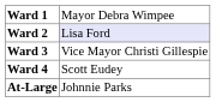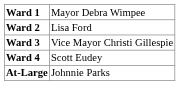 <table class="toccolours" border="1" cellpadding="2" cellspacing="0" style="border-collapse: collapse; float:right; margin: .5em;">
 <tr>
 <td><strong>Ward 1</strong></td>
 <td>Mayor Debra Wimpee</td>
 </tr>
 <tr>
 <td><strong>Ward 2</strong></td>
-<td style="background: lavender;">Lisa Ford</td>
+<td>Lisa Ford</td>
 </tr>
 <tr>
 <td><strong>Ward 3</strong></td>
 <td>Vice Mayor Christi Gillespie</td>
 </tr>
 <tr>
 <td><strong>Ward 4</strong></td>
 <td>Scott Eudey</td>
 </tr>
 <tr>
 <td><strong>At-Large</strong></td>
 <td>Johnnie Parks</td>
 </tr>
 </table>
